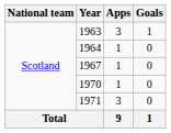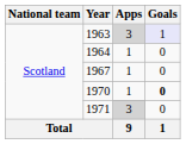 <table class="wikitable" style="text-align:center">
 <tr>
 <th>National team</th>
 <th>Year</th>
 <th>Apps</th>
 <th>Goals</th>
 </tr>
 <tr>
 <td rowspan="5"><a href='#'>Scotland</a></td>
 <td>1963</td>
-<td>3</td>
-<td>1</td>
+<td style="background: lightgrey;">3</td>
+<td style="background: lavender;">1</td>
 </tr>
 <tr>
 <td>1964</td>
 <td>1</td>
 <td>0</td>
 </tr>
 <tr>
 <td>1967</td>
 <td>1</td>
 <td>0</td>
 </tr>
 <tr>
 <td>1970</td>
 <td>1</td>
-<td>0</td>
+<td><strong>0</strong></td>
 </tr>
 <tr>
 <td>1971</td>
-<td>3</td>
+<td style="background: lightgrey;">3</td>
 <td>0</td>
 </tr>
 <tr>
 <th colspan="2">Total</th>
 <th>9</th>
 <th>1</th>
 </tr>
 </table>
